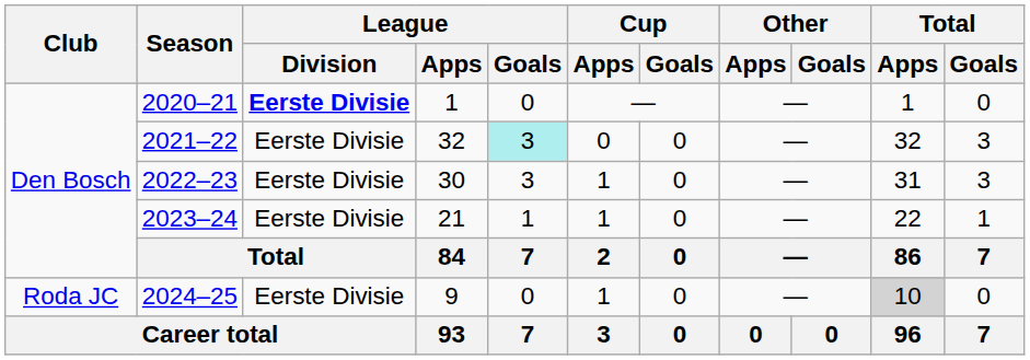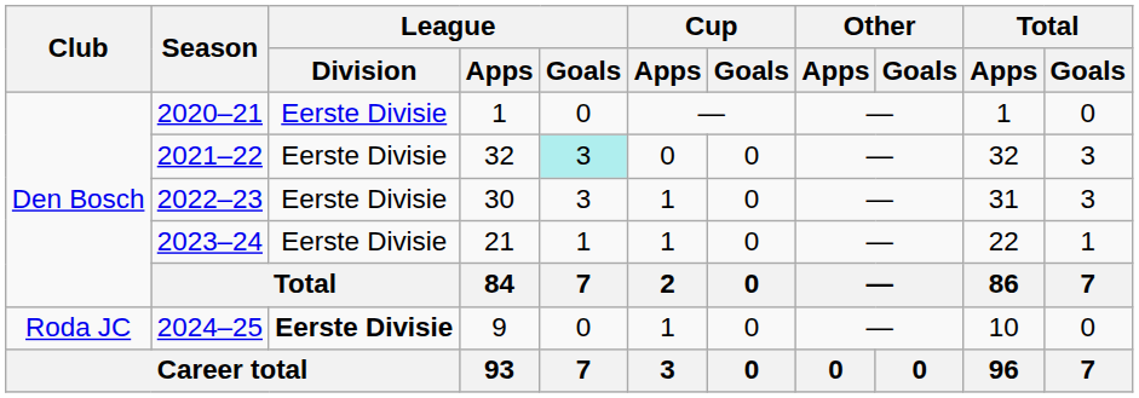 <table class="wikitable" style="text-align:center">
 <tr>
 <th rowspan="2">Club</th>
 <th rowspan="2">Season</th>
 <th colspan="3">League</th>
 <th colspan="2">Cup</th>
 <th colspan="2">Other</th>
 <th colspan="2">Total</th>
 </tr>
 <tr>
 <th>Division</th>
 <th>Apps</th>
 <th>Goals</th>
 <th>Apps</th>
 <th>Goals</th>
 <th>Apps</th>
 <th>Goals</th>
 <th>Apps</th>
 <th>Goals</th>
 </tr>
 <tr>
 <td rowspan="5"><a href='#'>Den Bosch</a></td>
 <td><a href='#'>2020–21</a></td>
-<td><strong><a href='#'>Eerste Divisie</a></strong></td>
+<td><a href='#'>Eerste Divisie</a></td>
 <td>1</td>
 <td>0</td>
 <td colspan="2">—</td>
 <td colspan="2">—</td>
 <td>1</td>
 <td>0</td>
 </tr>
 <tr>
 <td><a href='#'>2021–22</a></td>
 <td>Eerste Divisie</td>
 <td>32</td>
 <td style="background: paleturquoise;">3</td>
 <td>0</td>
 <td>0</td>
 <td colspan="2">—</td>
 <td>32</td>
 <td>3</td>
 </tr>
 <tr>
 <td><a href='#'>2022–23</a></td>
 <td>Eerste Divisie</td>
 <td>30</td>
 <td>3</td>
 <td>1</td>
 <td>0</td>
 <td colspan="2">—</td>
 <td>31</td>
 <td>3</td>
 </tr>
 <tr>
 <td><a href='#'>2023–24</a></td>
 <td>Eerste Divisie</td>
 <td>21</td>
 <td>1</td>
 <td>1</td>
 <td>0</td>
 <td colspan="2">—</td>
 <td>22</td>
 <td>1</td>
 </tr>
 <tr>
 <th colspan="2">Total</th>
 <th>84</th>
 <th>7</th>
 <th>2</th>
 <th>0</th>
 <th colspan="2">—</th>
 <th>86</th>
 <th>7</th>
 </tr>
 <tr>
 <td><a href='#'>Roda JC</a></td>
 <td><a href='#'>2024–25</a></td>
-<td>Eerste Divisie</td>
+<td><strong>Eerste Divisie</strong></td>
 <td>9</td>
 <td>0</td>
 <td>1</td>
 <td>0</td>
 <td colspan="2">—</td>
-<td style="background: lightgrey;">10</td>
+<td>10</td>
 <td>0</td>
 </tr>
 <tr>
 <th colspan="3">Career total</th>
 <th>93</th>
 <th>7</th>
 <th>3</th>
 <th>0</th>
 <th>0</th>
 <th>0</th>
 <th>96</th>
 <th>7</th>
 </tr>
 </table>
